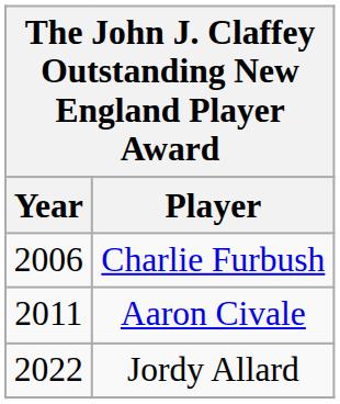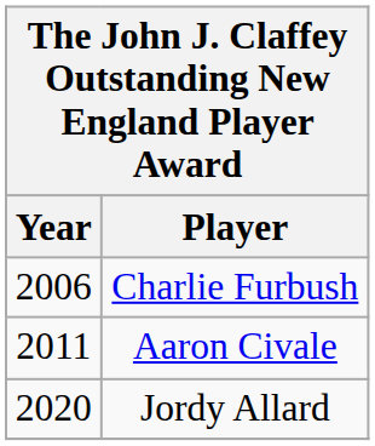 <table class="wikitable" style="display: inline-table; margin-right: 20px; text-align:center">
 <tr>
 <th scope="col" colspan="2" style="width: 145px;">The John J. Claffey Outstanding New England Player Award</th>
 </tr>
 <tr>
 <th scope="col">Year</th>
 <th scope="col">Player</th>
 </tr>
 <tr>
 <td>2006</td>
 <td><a href='#'>Charlie Furbush</a></td>
 </tr>
 <tr>
 <td>2011</td>
 <td><a href='#'>Aaron Civale</a></td>
 </tr>
 <tr>
-<td>2022</td>
+<td>2020</td>
 <td>Jordy Allard</td>
 </tr>
 <tr>
 </tr>
 </table>
